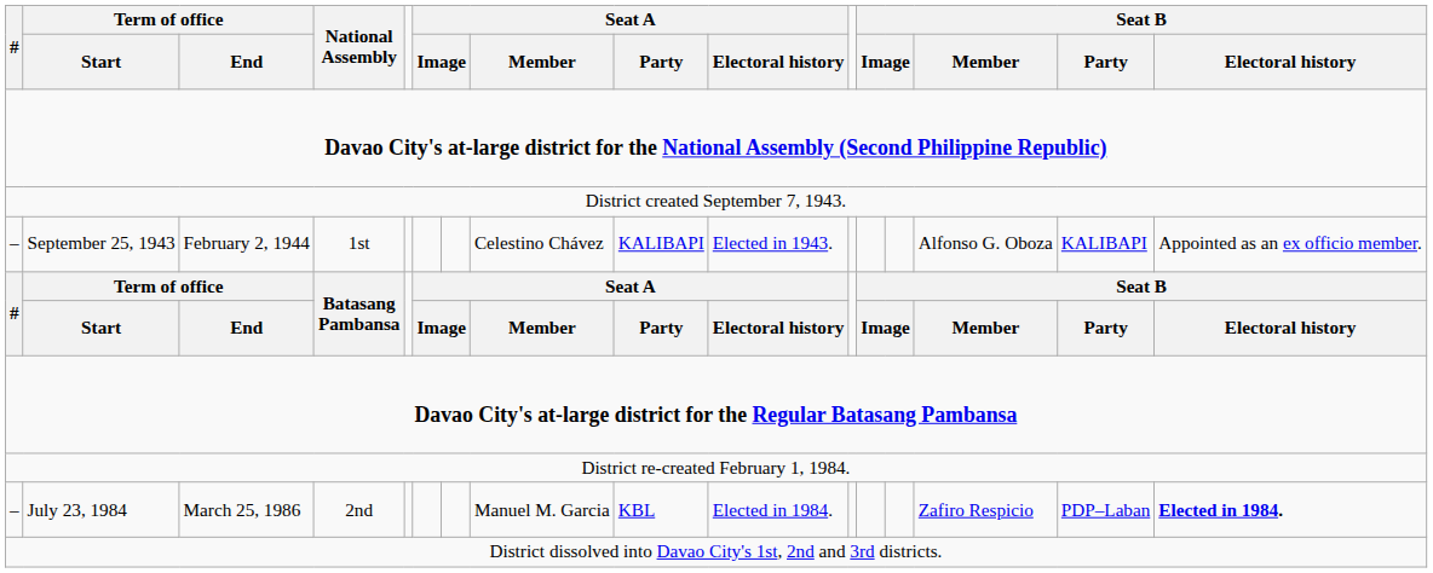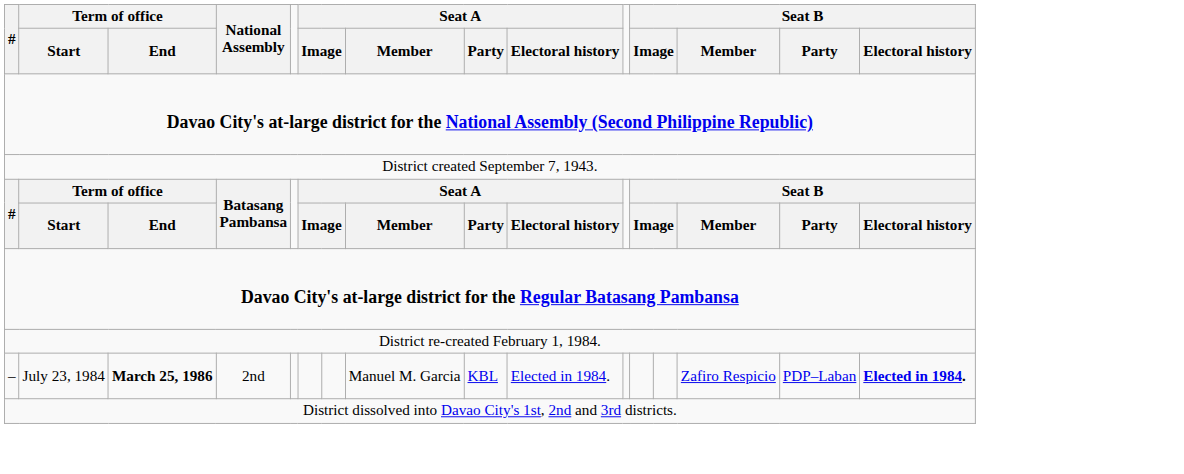 <table class=wikitable>
 <tr>
 <th rowspan=2>#</th>
 <th colspan=2>Term of office</th>
 <th rowspan=2>National<br>Assembly</th>
 <td rowspan=2></td>
 <th colspan=5>Seat A</th>
 <td rowspan=2></td>
 <th colspan=5>Seat B</th>
 </tr>
 <tr style="height:3em">
 <th>Start</th>
 <th>End</th>
 <th colspan="2" style="text-align:center;">Image</th>
 <th>Member</th>
 <th>Party</th>
 <th>Electoral history</th>
 <th colspan="2" style="text-align:center;">Image</th>
 <th>Member</th>
 <th>Party</th>
 <th>Electoral history</th>
 </tr>
 <tr>
 <td colspan="16" style="text-align:center;"><br><h3>Davao City's at-large district for the <a href='#'>National Assembly (Second Philippine Republic)</a></h3></td>
 </tr>
 <tr>
 <td colspan="16" style="text-align:center;">District created September 7, 1943.</td>
-</tr>
-<tr style="height:3em">
-<td style="text-align:center;">–</td>
-<td>September 25, 1943</td>
-<td>February 2, 1944</td>
-<td style="text-align:center;">1st</td>
-<td></td>
-<td style="color:inherit;background:"></td>
-<td></td>
-<td>Celestino Chávez</td>
-<td><a href='#'>KALIBAPI</a></td>
-<td><a href='#'>Elected in 1943</a>.</td>
-<td></td>
-<td style="color:inherit;background:"></td>
-<td></td>
-<td>Alfonso G. Oboza</td>
-<td><a href='#'>KALIBAPI</a></td>
-<td>Appointed as an <a href='#'>ex officio member</a>.</td>
 </tr>
 <tr>
 <th rowspan=2>#</th>
 <th colspan=2>Term of office</th>
 <th rowspan=2>Batasang<br>Pambansa</th>
 <td rowspan=2></td>
 <th colspan=5>Seat A</th>
 <td rowspan=2></td>
 <th colspan=5>Seat B</th>
 </tr>
 <tr style="height:3em">
 <th>Start</th>
 <th>End</th>
 <th colspan="2" style="text-align:center;">Image</th>
 <th>Member</th>
 <th>Party</th>
 <th>Electoral history</th>
 <th colspan="2" style="text-align:center;">Image</th>
 <th>Member</th>
 <th>Party</th>
 <th>Electoral history</th>
 </tr>
 <tr>
 <td colspan="16" style="text-align:center;"><br><h3>Davao City's at-large district for the <a href='#'>Regular Batasang Pambansa</a></h3></td>
 </tr>
 <tr>
 <td colspan="16" style="text-align:center;">District re-created February 1, 1984.</td>
 </tr>
 <tr style="height:3em">
 <td style="text-align:center;">–</td>
 <td>July 23, 1984</td>
-<td>March 25, 1986</td>
+<td><strong>March 25, 1986</strong></td>
 <td style="text-align:center;">2nd</td>
 <td></td>
 <td style="color:inherit;background:"></td>
 <td></td>
 <td>Manuel M. Garcia</td>
 <td><a href='#'>KBL</a></td>
 <td><a href='#'>Elected in 1984</a>.</td>
 <td></td>
 <td style="color:inherit;background:"></td>
 <td></td>
 <td><a href='#'>Zafiro  Respicio</a></td>
 <td><a href='#'>PDP–Laban</a></td>
 <td><strong><a href='#'>Elected in 1984</a>.</strong></td>
 </tr>
 <tr>
 <td colspan="16" style="text-align:center;">District dissolved into <a href='#'>Davao City's 1st</a>, <a href='#'>2nd</a> and <a href='#'>3rd</a> districts.</td>
 </tr>
 </table>
